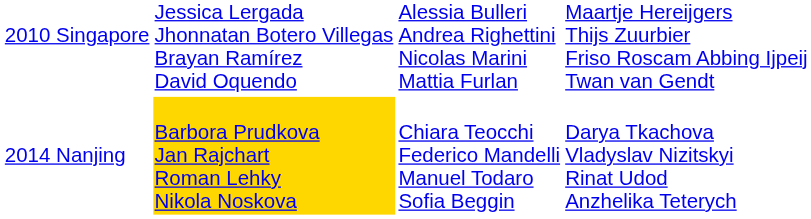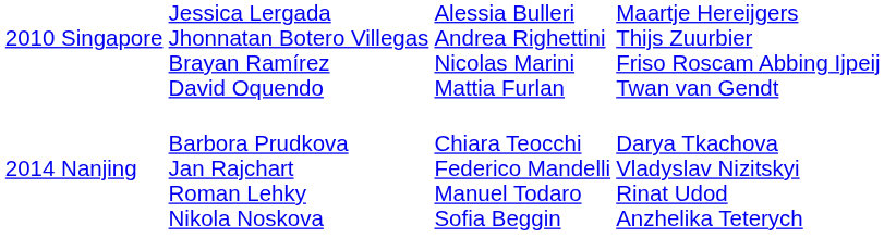 <table>
 <tr>
 <td><a href='#'>2010 Singapore</a><br></td>
 <td><br><a href='#'>Jessica Lergada</a><br><a href='#'>Jhonnatan Botero Villegas</a><br><a href='#'>Brayan Ramírez</a><br><a href='#'>David Oquendo</a></td>
 <td><br><a href='#'>Alessia Bulleri</a><br><a href='#'>Andrea Righettini</a><br><a href='#'>Nicolas Marini</a><br><a href='#'>Mattia Furlan</a></td>
 <td><br><a href='#'>Maartje Hereijgers</a><br><a href='#'>Thijs Zuurbier</a><br><a href='#'>Friso Roscam Abbing Ijpeij</a><br><a href='#'>Twan van Gendt</a></td>
 </tr>
 <tr>
 <td><a href='#'>2014 Nanjing</a><br></td>
-<td style="background: gold;"><br><a href='#'>Barbora Prudkova</a><br><a href='#'>Jan Rajchart</a><br><a href='#'>Roman Lehky</a><br><a href='#'>Nikola Noskova</a></td>
+<td><br><a href='#'>Barbora Prudkova</a><br><a href='#'>Jan Rajchart</a><br><a href='#'>Roman Lehky</a><br><a href='#'>Nikola Noskova</a></td>
 <td><br><a href='#'>Chiara Teocchi</a><br><a href='#'>Federico Mandelli</a><br><a href='#'>Manuel Todaro</a><br><a href='#'>Sofia Beggin</a></td>
 <td><br><a href='#'>Darya Tkachova</a><br><a href='#'>Vladyslav Nizitskyi</a><br><a href='#'>Rinat Udod</a><br><a href='#'>Anzhelika Teterych</a></td>
 </tr>
 </table>
